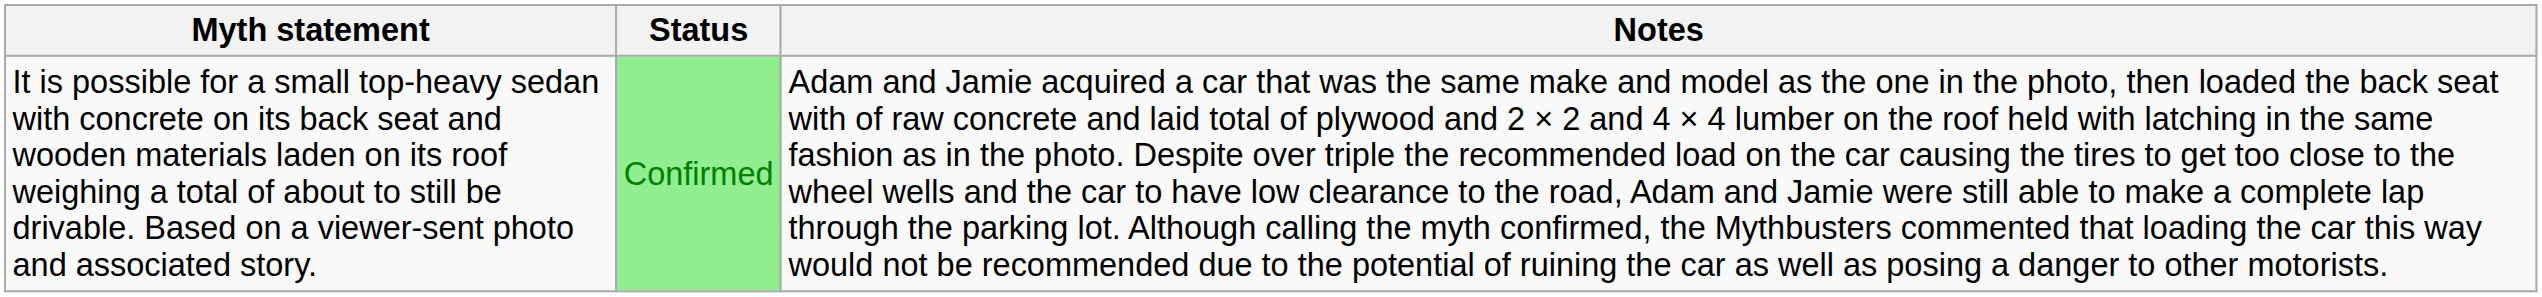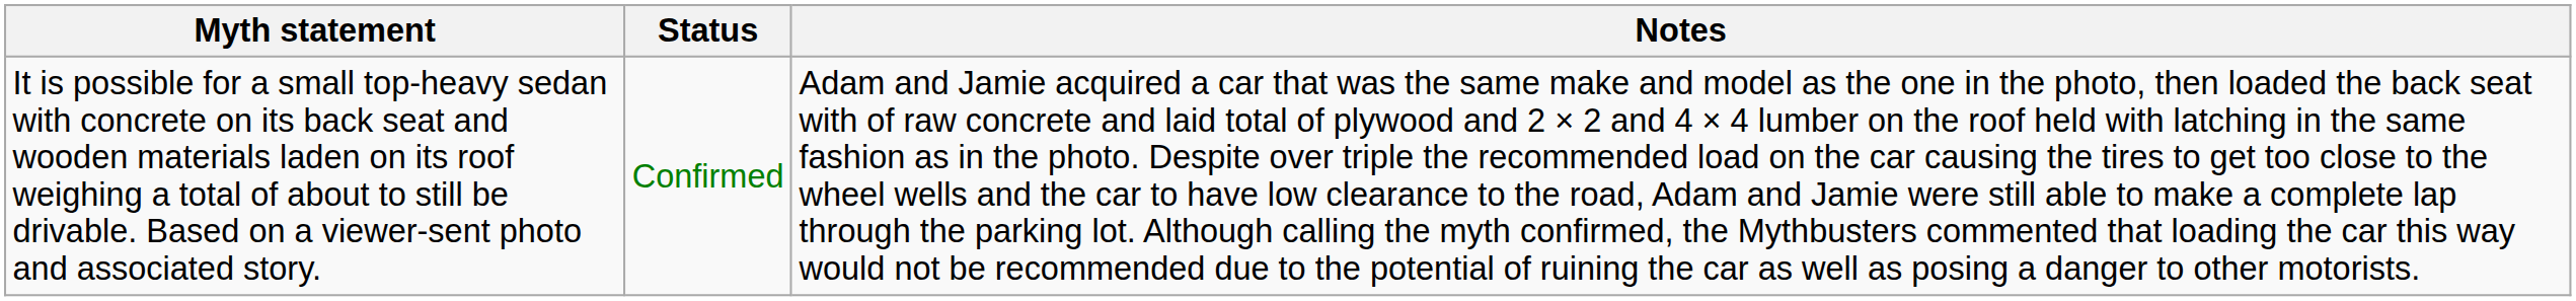 <table class="wikitable plainrowheaders">
 <tr>
 <th>Myth statement</th>
 <th>Status</th>
 <th>Notes</th>
 </tr>
 <tr>
 <td>It is possible for a small top-heavy sedan with concrete on its back seat and wooden materials laden on its roof weighing a total of about  to still be drivable. Based on a viewer-sent photo and associated story.</td>
-<td style="background: lightgreen; color:green">Confirmed</td>
+<td style="color:green">Confirmed</td>
 <td>Adam and Jamie acquired a car that was the same make and model as the one in the photo, then loaded the back seat with  of raw concrete and laid  total of plywood and 2 × 2 and 4 × 4 lumber on the roof held with latching in the same fashion as in the photo. Despite over triple the recommended load on the car causing the tires to get too close to the wheel wells and the car to have low clearance to the road, Adam and Jamie were still able to make a complete lap through the parking lot. Although calling the myth confirmed, the Mythbusters commented that loading the car this way would not be recommended due to the potential of ruining the car as well as posing a danger to other motorists.</td>
 </tr>
 </table>
